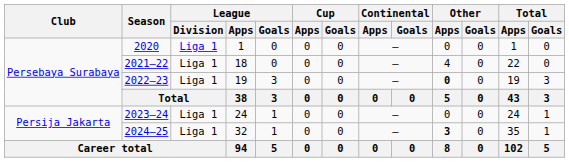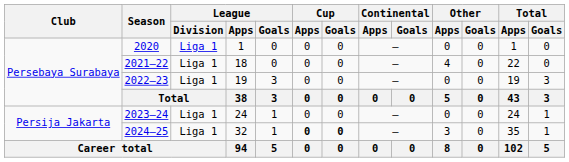 <table class="wikitable" style="text-align: center">
 <tr>
 <th rowspan="2">Club</th>
 <th rowspan="2">Season</th>
 <th colspan="3">League</th>
 <th colspan="2">Cup</th>
 <th colspan="2">Continental</th>
 <th colspan="2">Other</th>
 <th colspan="2">Total</th>
 </tr>
 <tr>
 <th>Division</th>
 <th>Apps</th>
 <th>Goals</th>
 <th>Apps</th>
 <th>Goals</th>
 <th>Apps</th>
 <th>Goals</th>
 <th>Apps</th>
 <th>Goals</th>
 <th>Apps</th>
 <th>Goals</th>
 </tr>
 <tr>
 <td rowspan="4"><a href='#'>Persebaya Surabaya</a></td>
 <td><a href='#'>2020</a></td>
 <td rowspan="1" valign="center"><a href='#'>Liga 1</a></td>
 <td>1</td>
 <td>0</td>
 <td>0</td>
 <td>0</td>
 <td colspan="2">—</td>
 <td>0</td>
 <td>0</td>
 <td>1</td>
 <td>0</td>
 </tr>
 <tr>
 <td><a href='#'>2021–22</a></td>
 <td rowspan="1" valign="center">Liga 1</td>
 <td>18</td>
 <td>0</td>
 <td>0</td>
 <td>0</td>
 <td colspan="2">—</td>
 <td>4</td>
 <td>0</td>
 <td>22</td>
 <td>0</td>
 </tr>
 <tr>
 <td><a href='#'>2022–23</a></td>
 <td rowspan="1" valign="center">Liga 1</td>
 <td>19</td>
 <td>3</td>
 <td>0</td>
 <td>0</td>
 <td colspan=2>—</td>
-<td><strong>0</strong></td>
+<td>0</td>
 <td>0</td>
 <td>19</td>
 <td>3</td>
 </tr>
 <tr>
 <th colspan=2>Total</th>
 <th>38</th>
 <th>3</th>
 <th>0</th>
 <th>0</th>
 <th>0</th>
 <th>0</th>
 <th>5</th>
 <th>0</th>
 <th>43</th>
 <th>3</th>
 </tr>
 <tr>
 <td rowspan="2"><a href='#'>Persija Jakarta</a></td>
 <td><a href='#'>2023–24</a></td>
 <td rowspan="1" valign="center">Liga 1</td>
 <td>24</td>
 <td>1</td>
 <td>0</td>
 <td>0</td>
 <td colspan="2">—</td>
 <td>0</td>
 <td 0>0</td>
 <td>24</td>
 <td>1</td>
 </tr>
 <tr>
 <td><a href='#'>2024–25</a></td>
 <td rowspan="1" valign="center">Liga 1</td>
 <td>32</td>
 <td>1</td>
-<td>0</td>
-<td>0</td>
+<td><strong>0</strong></td>
+<td><strong>0</strong></td>
 <td colspan=2>—</td>
-<td><strong>3</strong></td>
+<td>3</td>
 <td>0</td>
 <td>35</td>
 <td>1</td>
 </tr>
 <tr>
 <th colspan=3>Career total</th>
 <th>94</th>
 <th>5</th>
 <th>0</th>
 <th>0</th>
 <th>0</th>
 <th>0</th>
 <th>8</th>
 <th>0</th>
 <th>102</th>
 <th>5</th>
 </tr>
 </table>
